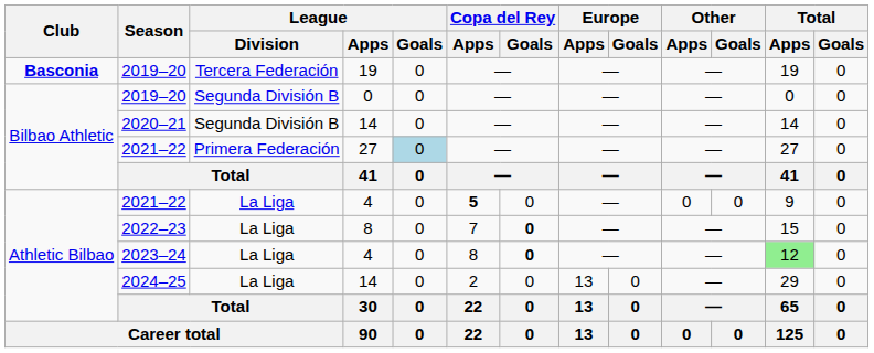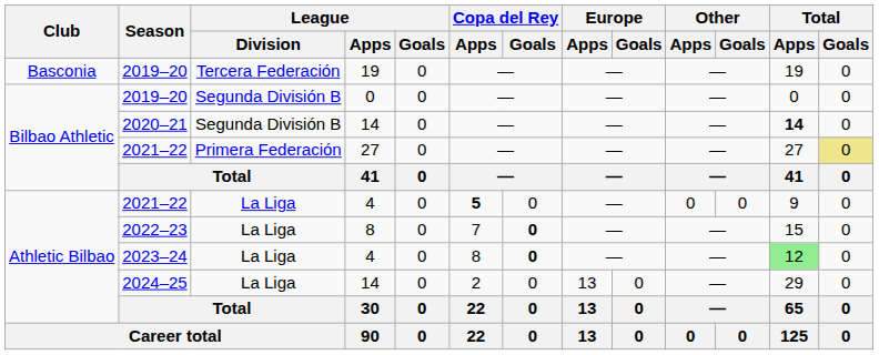 <table class="wikitable" style="text-align:center">
 <tr>
 <th rowspan="2">Club</th>
 <th rowspan="2">Season</th>
 <th colspan="3">League</th>
 <th colspan="2"><a href='#'>Copa del Rey</a></th>
 <th colspan="2">Europe</th>
 <th colspan="2">Other</th>
 <th colspan="2">Total</th>
 </tr>
 <tr>
 <th>Division</th>
 <th>Apps</th>
 <th>Goals</th>
 <th>Apps</th>
 <th>Goals</th>
 <th>Apps</th>
 <th>Goals</th>
 <th>Apps</th>
 <th>Goals</th>
 <th>Apps</th>
 <th>Goals</th>
 </tr>
 <tr>
-<td><strong><a href='#'>Basconia</a></strong></td>
+<td><a href='#'>Basconia</a></td>
 <td><a href='#'>2019–20</a></td>
 <td><a href='#'>Tercera Federación</a></td>
 <td>19</td>
 <td>0</td>
 <td colspan="2">—</td>
 <td colspan="2">—</td>
 <td colspan="2">—</td>
 <td>19</td>
 <td>0</td>
 </tr>
 <tr>
 <td rowspan="4"><a href='#'>Bilbao Athletic</a></td>
 <td><a href='#'>2019–20</a></td>
 <td><a href='#'>Segunda División B</a></td>
 <td>0</td>
 <td>0</td>
 <td colspan="2">—</td>
 <td colspan="2">—</td>
 <td colspan="2">—</td>
 <td>0</td>
 <td>0</td>
 </tr>
 <tr>
 <td><a href='#'>2020–21</a></td>
 <td>Segunda División B</td>
 <td>14</td>
 <td>0</td>
 <td colspan="2">—</td>
 <td colspan="2">—</td>
 <td colspan="2">—</td>
-<td>14</td>
+<td><strong>14</strong></td>
 <td>0</td>
 </tr>
 <tr>
 <td><a href='#'>2021–22</a></td>
 <td><a href='#'>Primera Federación</a></td>
 <td>27</td>
-<td style="background: lightblue;">0</td>
+<td>0</td>
 <td colspan="2">—</td>
 <td colspan="2">—</td>
 <td colspan="2">—</td>
 <td>27</td>
-<td>0</td>
+<td style="background: khaki;">0</td>
 </tr>
 <tr>
 <th colspan="2">Total</th>
 <th>41</th>
 <th>0</th>
 <th colspan="2">—</th>
 <th colspan="2">—</th>
 <th colspan="2">—</th>
 <th>41</th>
 <th>0</th>
 </tr>
 <tr>
 <td rowspan="5"><a href='#'>Athletic Bilbao</a></td>
 <td><a href='#'>2021–22</a></td>
 <td><a href='#'>La Liga</a></td>
 <td>4</td>
 <td>0</td>
 <td><strong>5</strong></td>
 <td>0</td>
 <td colspan="2">—</td>
 <td>0</td>
 <td>0</td>
 <td>9</td>
 <td>0</td>
 </tr>
 <tr>
 <td><a href='#'>2022–23</a></td>
 <td>La Liga</td>
 <td>8</td>
 <td>0</td>
 <td>7</td>
 <td><strong>0</strong></td>
 <td colspan="2">—</td>
 <td colspan="2">—</td>
 <td>15</td>
 <td>0</td>
 </tr>
 <tr>
 <td><a href='#'>2023–24</a></td>
 <td>La Liga</td>
 <td>4</td>
 <td>0</td>
 <td>8</td>
 <td><strong>0</strong></td>
 <td colspan="2">—</td>
 <td colspan="2">—</td>
 <td style="background: lightgreen;">12</td>
 <td>0</td>
 </tr>
 <tr>
 <td><a href='#'>2024–25</a></td>
 <td>La Liga</td>
 <td>14</td>
 <td>0</td>
 <td>2</td>
 <td>0</td>
 <td>13</td>
 <td>0</td>
 <td colspan="2">—</td>
 <td>29</td>
 <td>0</td>
 </tr>
 <tr>
 <th colspan="2">Total</th>
 <th>30</th>
 <th>0</th>
 <th>22</th>
 <th>0</th>
 <th>13</th>
 <th>0</th>
 <th colspan="2">—</th>
 <th>65</th>
 <th>0</th>
 </tr>
 <tr>
 <th colspan="3">Career total</th>
 <th>90</th>
 <th>0</th>
 <th>22</th>
 <th>0</th>
 <th>13</th>
 <th>0</th>
 <th>0</th>
 <th>0</th>
 <th>125</th>
 <th>0</th>
 </tr>
 </table>
